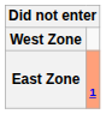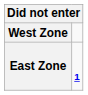 <table class="wikitable collapsible collapsed">
 <tr>
 <th colspan=2>Did not enter</th>
 </tr>
 <tr>
 <th>West Zone</th>
 <td><br></td>
 </tr>
 <tr>
 <th>East Zone</th>
-<td style="background: lightsalmon;"><br><br> <sup><strong><a href='#'>1</a></strong></sup></td>
+<td><br><br> <sup><strong><a href='#'>1</a></strong></sup></td>
 </tr>
 </table>
